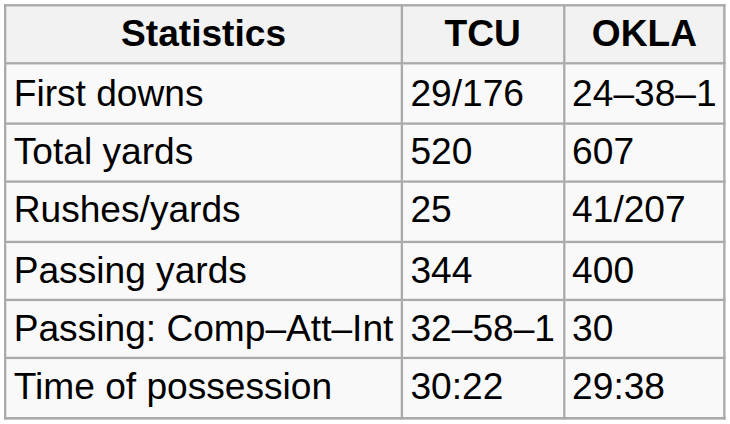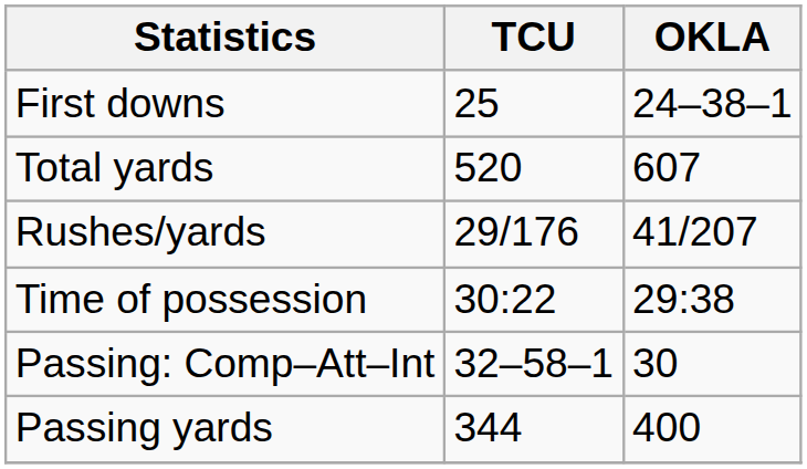 <table class="wikitable" style="float: left;">
 <tr>
 <th>Statistics</th>
 <th>TCU</th>
 <th>OKLA</th>
 </tr>
 <tr>
 <td>First downs</td>
-<td>29/176</td>
+<td>25</td>
 <td>24–38–1</td>
 </tr>
 <tr>
 <td>Total yards</td>
 <td>520</td>
 <td>607</td>
 </tr>
 <tr>
 <td>Rushes/yards</td>
-<td>25</td>
+<td>29/176</td>
 <td>41/207</td>
+</tr>
+<tr>
+<td>Time of possession</td>
+<td>30:22</td>
+<td>29:38</td>
+</tr>
+<tr>
+<td>Passing: Comp–Att–Int</td>
+<td>32–58–1</td>
+<td>30</td>
 </tr>
 <tr>
 <td>Passing yards</td>
 <td>344</td>
 <td>400</td>
 </tr>
 <tr>
-<td>Passing: Comp–Att–Int</td>
-<td>32–58–1</td>
-<td>30</td>
-</tr>
-<tr>
-<td>Time of possession</td>
-<td>30:22</td>
-<td>29:38</td>
-</tr>
-<tr>
 </tr>
 </table>
